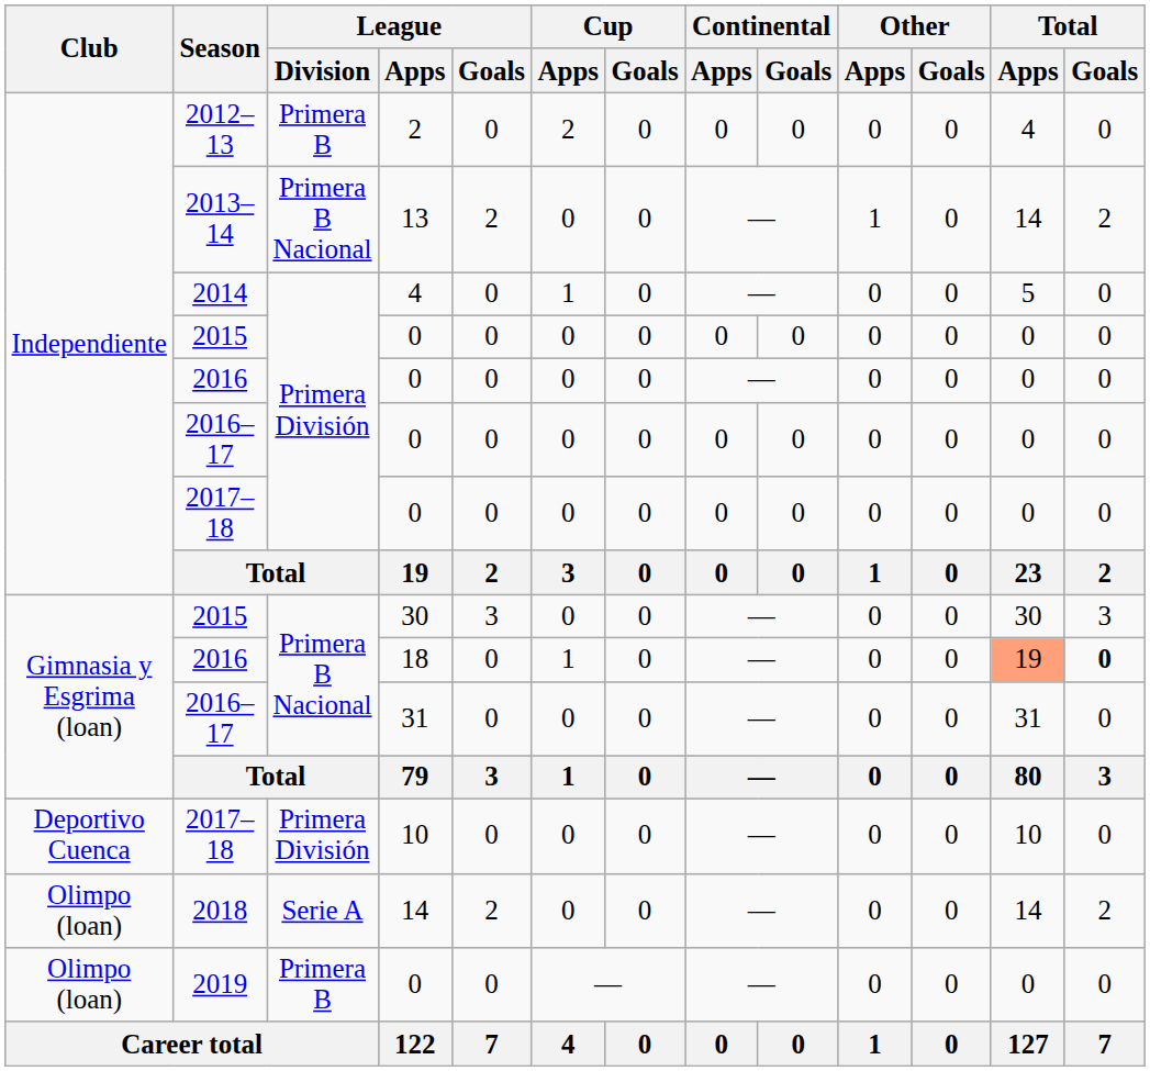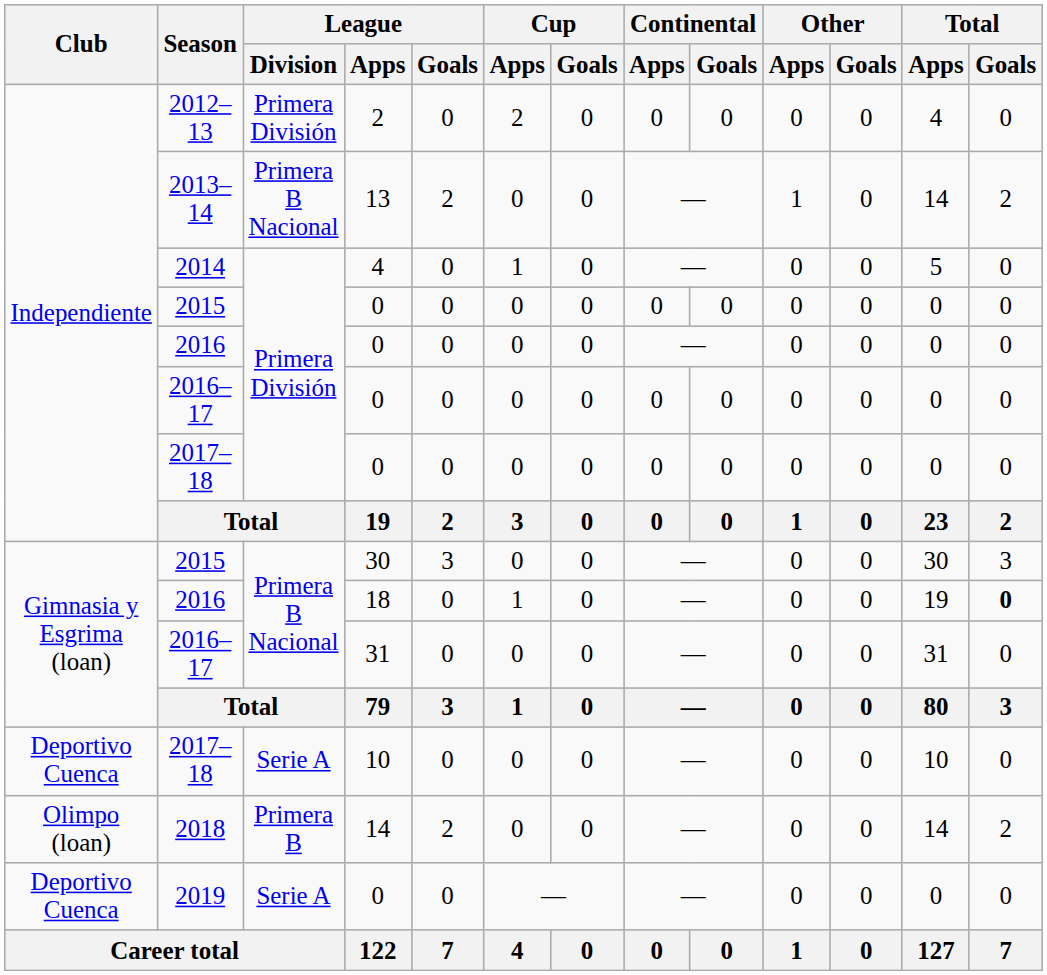 <table class="wikitable" style="text-align:center">
 <tr>
 <th rowspan="2">Club</th>
 <th rowspan="2">Season</th>
 <th colspan="3">League</th>
 <th colspan="2">Cup</th>
 <th colspan="2">Continental</th>
 <th colspan="2">Other</th>
 <th colspan="2">Total</th>
 </tr>
 <tr>
 <th>Division</th>
 <th>Apps</th>
 <th>Goals</th>
 <th>Apps</th>
 <th>Goals</th>
 <th>Apps</th>
 <th>Goals</th>
 <th>Apps</th>
 <th>Goals</th>
 <th>Apps</th>
 <th>Goals</th>
 </tr>
 <tr>
 <td rowspan="8"><a href='#'>Independiente</a></td>
 <td><a href='#'>2012–13</a></td>
-<td rowspan="1"><a href='#'>Primera B</a></td>
+<td rowspan="1"><a href='#'>Primera División</a></td>
 <td>2</td>
 <td>0</td>
 <td>2</td>
 <td>0</td>
 <td>0</td>
 <td>0</td>
 <td>0</td>
 <td>0</td>
 <td>4</td>
 <td>0</td>
 </tr>
 <tr>
 <td><a href='#'>2013–14</a></td>
 <td rowspan="1"><a href='#'>Primera B Nacional</a></td>
 <td>13</td>
 <td>2</td>
 <td>0</td>
 <td>0</td>
 <td colspan="2">—</td>
 <td>1</td>
 <td>0</td>
 <td>14</td>
 <td>2</td>
 </tr>
 <tr>
 <td><a href='#'>2014</a></td>
 <td rowspan="5"><a href='#'>Primera División</a></td>
 <td>4</td>
 <td>0</td>
 <td>1</td>
 <td>0</td>
 <td colspan="2">—</td>
 <td>0</td>
 <td>0</td>
 <td>5</td>
 <td>0</td>
 </tr>
 <tr>
 <td><a href='#'>2015</a></td>
 <td>0</td>
 <td>0</td>
 <td>0</td>
 <td>0</td>
 <td>0</td>
 <td>0</td>
 <td>0</td>
 <td>0</td>
 <td>0</td>
 <td>0</td>
 </tr>
 <tr>
 <td><a href='#'>2016</a></td>
 <td>0</td>
 <td>0</td>
 <td>0</td>
 <td>0</td>
 <td colspan="2">—</td>
 <td>0</td>
 <td>0</td>
 <td>0</td>
 <td>0</td>
 </tr>
 <tr>
 <td><a href='#'>2016–17</a></td>
 <td>0</td>
 <td>0</td>
 <td>0</td>
 <td>0</td>
 <td>0</td>
 <td>0</td>
 <td>0</td>
 <td>0</td>
 <td>0</td>
 <td>0</td>
 </tr>
 <tr>
 <td><a href='#'>2017–18</a></td>
 <td>0</td>
 <td>0</td>
 <td>0</td>
 <td>0</td>
 <td>0</td>
 <td>0</td>
 <td>0</td>
 <td>0</td>
 <td>0</td>
 <td>0</td>
 </tr>
 <tr>
 <th colspan="2">Total</th>
 <th>19</th>
 <th>2</th>
 <th>3</th>
 <th>0</th>
 <th>0</th>
 <th>0</th>
 <th>1</th>
 <th>0</th>
 <th>23</th>
 <th>2</th>
 </tr>
 <tr>
 <td rowspan="4"><a href='#'>Gimnasia y Esgrima</a> (loan)</td>
 <td><a href='#'>2015</a></td>
 <td rowspan="3"><a href='#'>Primera B Nacional</a></td>
 <td>30</td>
 <td>3</td>
 <td>0</td>
 <td>0</td>
 <td colspan="2">—</td>
 <td>0</td>
 <td>0</td>
 <td>30</td>
 <td>3</td>
 </tr>
 <tr>
 <td><a href='#'>2016</a></td>
 <td>18</td>
 <td>0</td>
 <td>1</td>
 <td>0</td>
 <td colspan="2">—</td>
 <td>0</td>
 <td>0</td>
-<td style="background: lightsalmon;">19</td>
+<td>19</td>
 <td><strong>0</strong></td>
 </tr>
 <tr>
 <td><a href='#'>2016–17</a></td>
 <td>31</td>
 <td>0</td>
 <td>0</td>
 <td>0</td>
 <td colspan="2">—</td>
 <td>0</td>
 <td>0</td>
 <td>31</td>
 <td>0</td>
 </tr>
 <tr>
 <th colspan="2">Total</th>
 <th>79</th>
 <th>3</th>
 <th>1</th>
 <th>0</th>
 <th colspan="2">—</th>
 <th>0</th>
 <th>0</th>
 <th>80</th>
 <th>3</th>
 </tr>
 <tr>
 <td rowspan="1"><a href='#'>Deportivo Cuenca</a></td>
 <td><a href='#'>2017–18</a></td>
-<td rowspan="1"><a href='#'>Primera División</a></td>
+<td rowspan="1"><a href='#'>Serie A</a></td>
 <td>10</td>
 <td>0</td>
 <td>0</td>
 <td>0</td>
 <td colspan="2">—</td>
 <td>0</td>
 <td>0</td>
 <td>10</td>
 <td>0</td>
 </tr>
 <tr>
 <td rowspan="1"><a href='#'>Olimpo</a> (loan)</td>
 <td><a href='#'>2018</a></td>
-<td rowspan="1"><a href='#'>Serie A</a></td>
+<td rowspan="1"><a href='#'>Primera B</a></td>
 <td>14</td>
 <td>2</td>
 <td>0</td>
 <td>0</td>
 <td colspan="2">—</td>
 <td>0</td>
 <td>0</td>
 <td>14</td>
 <td>2</td>
 </tr>
 <tr>
-<td rowspan="1"><a href='#'>Olimpo</a> (loan)</td>
+<td rowspan="1"><a href='#'>Deportivo Cuenca</a></td>
 <td><a href='#'>2019</a></td>
-<td rowspan="1"><a href='#'>Primera B</a></td>
+<td rowspan="1"><a href='#'>Serie A</a></td>
 <td>0</td>
 <td>0</td>
 <td colspan="2">—</td>
 <td colspan="2">—</td>
 <td>0</td>
 <td>0</td>
 <td>0</td>
 <td>0</td>
 </tr>
 <tr>
 <th colspan="3">Career total</th>
 <th>122</th>
 <th>7</th>
 <th>4</th>
 <th>0</th>
 <th>0</th>
 <th>0</th>
 <th>1</th>
 <th>0</th>
 <th>127</th>
 <th>7</th>
 </tr>
 </table>
